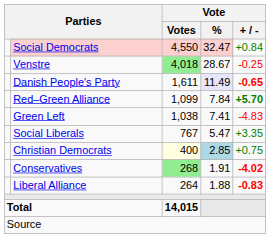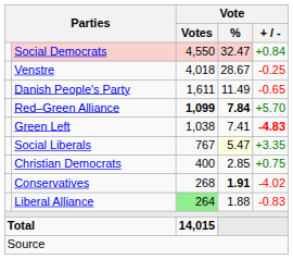 <table class="wikitable" style="text-align:right;">
 <tr>
 <th style="text-align:centre;" rowspan="2" colspan="2" width="225">Parties</th>
 <th colspan="3">Vote</th>
 </tr>
 <tr>
 <th width="15">Votes</th>
 <th width="15">%</th>
 <th width="15">+ / -</th>
 </tr>
 <tr>
 <td width="2" style="color:inherit;background:"></td>
 <td bgcolor=#fbd0ce  align="left"><a href='#'>Social Democrats</a></td>
 <td bgcolor=#fbd0ce>4,550</td>
 <td bgcolor=#fbd0ce>32.47</td>
 <td style=color:green;>+0.84</td>
 </tr>
 <tr>
 <td width="2" style="color:inherit;background:"></td>
 <td align="left"><a href='#'>Venstre</a></td>
-<td style="background: lightgreen;">4,018</td>
+<td>4,018</td>
 <td>28.67</td>
 <td style=color:red;>-0.25</td>
 </tr>
 <tr>
 <td width="2" style="color:inherit;background:"></td>
 <td align="left"><a href='#'>Danish People's Party</a></td>
 <td>1,611</td>
-<td style="background: lavender;">11.49</td>
-<td style=color:red;><strong>-0.65</strong></td>
+<td>11.49</td>
+<td style=color:red;>-0.65</td>
 </tr>
 <tr>
 <td width="2" style="color:inherit;background:"></td>
 <td align="left"><a href='#'>Red–Green Alliance</a></td>
-<td>1,099</td>
-<td>7.84</td>
-<td style=color:green;><strong>+5.70</strong></td>
+<td><strong>1,099</strong></td>
+<td><strong>7.84</strong></td>
+<td style=color:green;>+5.70</td>
 </tr>
 <tr>
 <td width="2" style="color:inherit;background:"></td>
 <td align="left"><a href='#'>Green Left</a></td>
 <td>1,038</td>
 <td>7.41</td>
-<td style=color:red;>-4.83</td>
+<td style=color:red;><strong>-4.83</strong></td>
 </tr>
 <tr>
 <td width="2" style="color:inherit;background:"></td>
 <td align="left"><a href='#'>Social Liberals</a></td>
 <td>767</td>
-<td>5.47</td>
+<td style="background: lightyellow;">5.47</td>
 <td style=color:green;>+3.35</td>
 </tr>
 <tr>
 <td width="2" style="color:inherit;background:"></td>
 <td align="left"><a href='#'>Christian Democrats</a></td>
-<td style="background: lightyellow;">400</td>
-<td style="background: lightblue;">2.85</td>
+<td>400</td>
+<td>2.85</td>
 <td style=color:green;>+0.75</td>
 </tr>
 <tr>
 <td width="2" style="color:inherit;background:"></td>
 <td align="left"><a href='#'>Conservatives</a></td>
-<td style="background: lightgreen;">268</td>
-<td>1.91</td>
-<td style=color:red;><strong>-4.02</strong></td>
+<td>268</td>
+<td><strong>1.91</strong></td>
+<td style=color:red;>-4.02</td>
 </tr>
 <tr>
 <td width="2" style="color:inherit;background:"></td>
 <td align="left"><a href='#'>Liberal Alliance</a></td>
-<td>264</td>
+<td style="background: lightgreen;">264</td>
 <td>1.88</td>
-<td style=color:red;><strong>-0.83</strong></td>
+<td style=color:red;>-0.83</td>
 </tr>
 <tr>
 <td colspan="7" bgcolor="#E9E9E9"></td>
 </tr>
 <tr>
 <td align="left" colspan="2"><strong>Total</strong></td>
 <td><strong>14,015</strong></td>
 <td bgcolor="#E9E9E9" colspan="2"></td>
 </tr>
 <tr>
 <td align="left" colspan="6">Source</td>
 </tr>
 </table>
